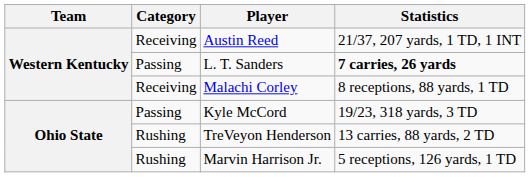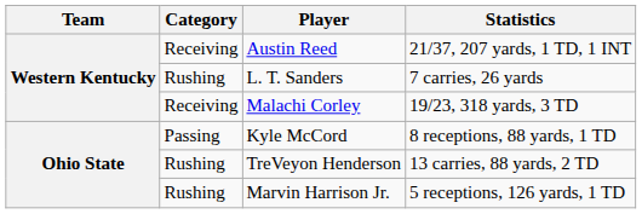 <table class="wikitable" style="float:right">
 <tr>
 <th>Team</th>
 <th>Category</th>
 <th>Player</th>
 <th>Statistics</th>
 </tr>
 <tr>
 <th rowspan=3>Western Kentucky</th>
 <td>Receiving</td>
 <td><a href='#'>Austin Reed</a></td>
 <td>21/37, 207 yards, 1 TD, 1 INT</td>
 </tr>
 <tr>
-<td>Passing</td>
+<td>Rushing</td>
 <td>L. T. Sanders</td>
-<td><strong>7 carries, 26 yards</strong></td>
+<td>7 carries, 26 yards</td>
 </tr>
 <tr>
 <td>Receiving</td>
 <td><a href='#'>Malachi Corley</a></td>
-<td>8 receptions, 88 yards, 1 TD</td>
+<td>19/23, 318 yards, 3 TD</td>
 </tr>
 <tr>
 <th rowspan=3>Ohio State</th>
 <td>Passing</td>
 <td>Kyle McCord</td>
-<td>19/23, 318 yards, 3 TD</td>
+<td>8 receptions, 88 yards, 1 TD</td>
 </tr>
 <tr>
 <td>Rushing</td>
 <td>TreVeyon Henderson</td>
 <td>13 carries, 88 yards, 2 TD</td>
 </tr>
 <tr>
 <td>Rushing</td>
 <td>Marvin Harrison Jr.</td>
 <td>5 receptions, 126 yards, 1 TD</td>
 </tr>
 </table>
